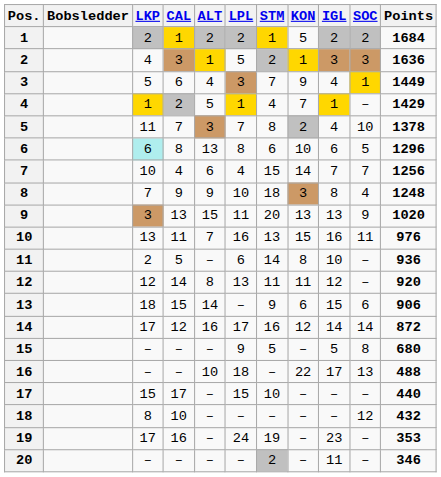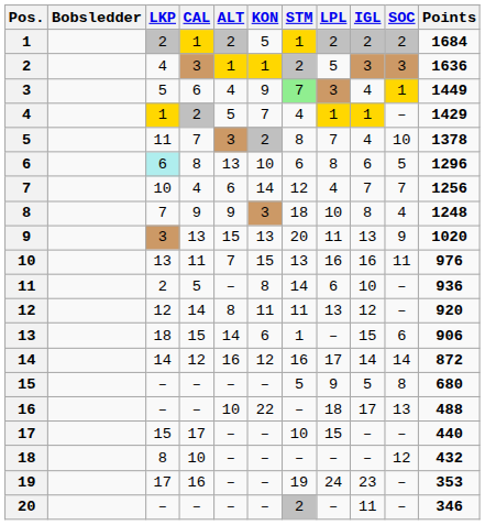 <table class="wikitable sortable plainrowheaders" style="text-align:center;">
 <tr>
 <th scope="col">Pos.</th>
 <th scope="col">Bobsledder </th>
 <th scope="col"><a href='#'>LKP</a></th>
 <th scope="col"><a href='#'>CAL</a></th>
 <th scope="col"><a href='#'>ALT</a></th>
+<th scope="col"><a href='#'>KON</a></th>
+<th scope="col"><a href='#'>STM</a></th>
 <th scope="col"><a href='#'>LPL</a></th>
-<th scope="col"><a href='#'>STM</a></th>
-<th scope="col"><a href='#'>KON</a></th>
 <th scope="col"><a href='#'>IGL</a></th>
 <th scope="col"><a href='#'>SOC</a></th>
 <th width="45">Points</th>
 </tr>
 <tr>
 <th>1</th>
 <td style="text-align:left"></td>
 <td bgcolor="silver">2</td>
 <td bgcolor="gold">1</td>
 <td bgcolor="silver">2</td>
+<td>5</td>
+<td bgcolor="gold">1</td>
 <td bgcolor="silver">2</td>
-<td bgcolor="gold">1</td>
-<td>5</td>
 <td bgcolor="silver">2</td>
 <td bgcolor="silver">2</td>
 <td><strong>1684</strong></td>
 </tr>
 <tr>
 <th>2</th>
 <td style="text-align:left"></td>
 <td>4</td>
 <td bgcolor="cc9966">3</td>
 <td bgcolor="gold">1</td>
+<td bgcolor="gold">1</td>
+<td bgcolor="silver">2</td>
 <td>5</td>
-<td bgcolor="silver">2</td>
-<td bgcolor="gold">1</td>
 <td bgcolor="cc9966">3</td>
 <td bgcolor="cc9966">3</td>
 <td><strong>1636</strong></td>
 </tr>
 <tr>
 <th>3</th>
 <td style="text-align:left"></td>
 <td>5</td>
 <td>6</td>
 <td>4</td>
+<td>9</td>
+<td style="background: lightgreen;">7</td>
 <td bgcolor="cc9966">3</td>
-<td>7</td>
-<td>9</td>
 <td>4</td>
 <td bgcolor="gold">1</td>
 <td><strong>1449</strong></td>
 </tr>
 <tr>
 <th>4</th>
 <td style="text-align:left"></td>
 <td bgcolor="gold">1</td>
 <td bgcolor="silver">2</td>
 <td>5</td>
+<td>7</td>
+<td>4</td>
 <td bgcolor="gold">1</td>
-<td>4</td>
-<td>7</td>
 <td bgcolor="gold">1</td>
 <td>–</td>
 <td><strong>1429</strong></td>
 </tr>
 <tr>
 <th>5</th>
 <td style="text-align:left"></td>
 <td>11</td>
 <td>7</td>
 <td bgcolor="cc9966">3</td>
+<td bgcolor="silver">2</td>
+<td>8</td>
 <td>7</td>
-<td>8</td>
-<td bgcolor="silver">2</td>
 <td>4</td>
 <td>10</td>
 <td><strong>1378</strong></td>
 </tr>
 <tr>
 <th>6</th>
 <td style="text-align:left"></td>
 <td style="background: paleturquoise;">6</td>
 <td>8</td>
 <td>13</td>
+<td>10</td>
+<td>6</td>
 <td>8</td>
-<td>6</td>
-<td>10</td>
 <td>6</td>
 <td>5</td>
 <td><strong>1296</strong></td>
 </tr>
 <tr>
 <th>7</th>
 <td style="text-align:left"></td>
 <td>10</td>
 <td>4</td>
 <td>6</td>
+<td>14</td>
+<td>12</td>
 <td>4</td>
-<td>15</td>
-<td>14</td>
 <td>7</td>
 <td>7</td>
 <td><strong>1256</strong></td>
 </tr>
 <tr>
 <th>8</th>
 <td style="text-align:left"></td>
 <td>7</td>
 <td>9</td>
 <td>9</td>
+<td bgcolor="cc9966">3</td>
+<td>18</td>
 <td>10</td>
-<td>18</td>
-<td bgcolor="cc9966">3</td>
 <td>8</td>
 <td>4</td>
 <td><strong>1248</strong></td>
 </tr>
 <tr>
 <th>9</th>
 <td style="text-align:left"></td>
 <td bgcolor="cc9966">3</td>
 <td>13</td>
 <td>15</td>
+<td>13</td>
+<td>20</td>
 <td>11</td>
-<td>20</td>
-<td>13</td>
 <td>13</td>
 <td>9</td>
 <td><strong>1020</strong></td>
 </tr>
 <tr>
 <th>10</th>
 <td style="text-align:left"></td>
 <td>13</td>
 <td>11</td>
 <td>7</td>
+<td>15</td>
+<td>13</td>
 <td>16</td>
-<td>13</td>
-<td>15</td>
 <td>16</td>
 <td>11</td>
 <td><strong>976</strong></td>
 </tr>
 <tr>
 <th>11</th>
 <td style="text-align:left"></td>
 <td>2</td>
 <td>5</td>
 <td>–</td>
+<td>8</td>
+<td>14</td>
 <td>6</td>
-<td>14</td>
-<td>8</td>
 <td>10</td>
 <td>–</td>
 <td><strong>936</strong></td>
 </tr>
 <tr>
 <th>12</th>
 <td style="text-align:left"></td>
 <td>12</td>
 <td>14</td>
 <td>8</td>
-<td>13</td>
 <td>11</td>
 <td>11</td>
+<td>13</td>
 <td>12</td>
 <td>–</td>
 <td><strong>920</strong></td>
 </tr>
 <tr>
 <th>13</th>
 <td style="text-align:left"></td>
 <td>18</td>
 <td>15</td>
 <td>14</td>
+<td>6</td>
+<td>1</td>
 <td>–</td>
-<td>9</td>
-<td>6</td>
 <td>15</td>
 <td>6</td>
 <td><strong>906</strong></td>
 </tr>
 <tr>
 <th>14</th>
 <td style="text-align:left"></td>
-<td>17</td>
+<td>14</td>
+<td>12</td>
+<td>16</td>
 <td>12</td>
 <td>16</td>
 <td>17</td>
-<td>16</td>
-<td>12</td>
 <td>14</td>
 <td>14</td>
 <td><strong>872</strong></td>
 </tr>
 <tr>
 <th>15</th>
 <td style="text-align:left"></td>
 <td>–</td>
 <td>–</td>
 <td>–</td>
+<td>–</td>
+<td>5</td>
 <td>9</td>
-<td>5</td>
-<td>–</td>
 <td>5</td>
 <td>8</td>
 <td><strong>680</strong></td>
 </tr>
 <tr>
 <th>16</th>
 <td style="text-align:left"></td>
 <td>–</td>
 <td>–</td>
 <td>10</td>
+<td>22</td>
+<td>–</td>
 <td>18</td>
-<td>–</td>
-<td>22</td>
 <td>17</td>
 <td>13</td>
 <td><strong>488</strong></td>
 </tr>
 <tr>
 <th>17</th>
 <td style="text-align:left"></td>
 <td>15</td>
 <td>17</td>
 <td>–</td>
+<td>–</td>
+<td>10</td>
 <td>15</td>
-<td>10</td>
-<td>–</td>
 <td>–</td>
 <td>–</td>
 <td><strong>440</strong></td>
 </tr>
 <tr>
 <th>18</th>
 <td style="text-align:left"></td>
 <td>8</td>
 <td>10</td>
 <td>–</td>
 <td>–</td>
 <td>–</td>
 <td>–</td>
 <td>–</td>
 <td>12</td>
 <td><strong>432</strong></td>
 </tr>
 <tr>
 <th>19</th>
 <td style="text-align:left"></td>
 <td>17</td>
 <td>16</td>
 <td>–</td>
+<td>–</td>
+<td>19</td>
 <td>24</td>
-<td>19</td>
-<td>–</td>
 <td>23</td>
 <td>–</td>
 <td><strong>353</strong></td>
 </tr>
 <tr>
 <th>20</th>
 <td style="text-align:left"></td>
 <td>–</td>
 <td>–</td>
 <td>–</td>
 <td>–</td>
 <td bgcolor="silver">2</td>
 <td>–</td>
 <td>11</td>
 <td>–</td>
 <td><strong>346</strong></td>
 </tr>
 </table>
